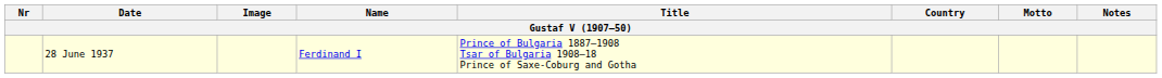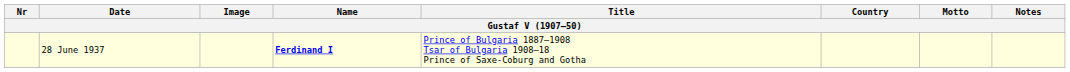 <table class="wikitable" width=100%>
 <tr>
 <th>Nr</th>
 <th>Date</th>
 <th>Image</th>
 <th>Name</th>
 <th>Title</th>
 <th>Country</th>
 <th>Motto</th>
 <th>Notes</th>
 </tr>
 <tr>
 <th colspan=8>Gustaf V (1907–50)</th>
 </tr>
 <tr bgcolor="#FFFFDD">
 <td></td>
 <td>28 June 1937</td>
 <td></td>
-<td><a href='#'>Ferdinand I</a></td>
+<td><strong><a href='#'>Ferdinand I</a></strong></td>
 <td><a href='#'>Prince of Bulgaria</a> 1887–1908<br><a href='#'>Tsar of Bulgaria</a> 1908–18<br>Prince of Saxe-Coburg and Gotha</td>
 <td><br></td>
 <td></td>
 <td></td>
 </tr>
 </table>
